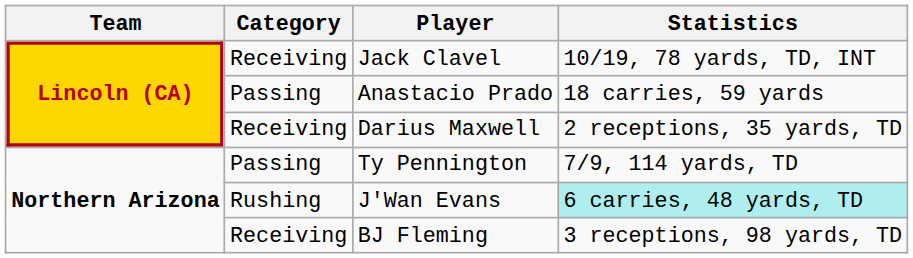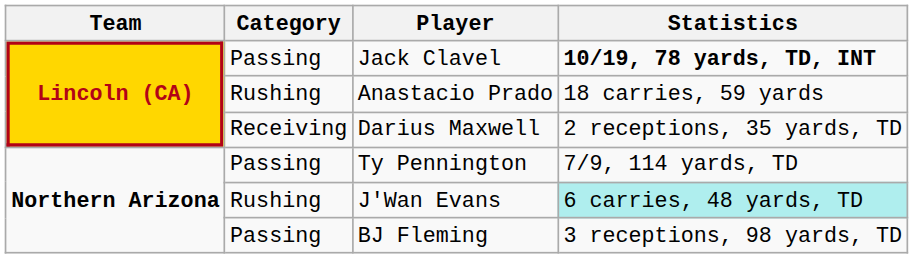 <table class="wikitable" style="float: right;">
 <tr>
 <th>Team</th>
 <th>Category</th>
 <th>Player</th>
 <th>Statistics</th>
 </tr>
 <tr>
 <td rowspan=3 style="background-color:gold;color:#B20317;box-shadow: inset 2px 2px 0 #B20317, inset -2px -2px 0 #B20317; text-align:center;"><strong>Lincoln (CA)</strong></td>
-<td>Receiving</td>
+<td>Passing</td>
 <td>Jack Clavel</td>
-<td>10/19, 78 yards, TD, INT</td>
+<td><strong>10/19, 78 yards, TD, INT</strong></td>
 </tr>
 <tr>
-<td>Passing</td>
+<td>Rushing</td>
 <td>Anastacio Prado</td>
 <td>18 carries, 59 yards</td>
 </tr>
 <tr>
 <td>Receiving</td>
 <td>Darius Maxwell</td>
 <td>2 receptions, 35 yards, TD</td>
 </tr>
 <tr>
 <td rowspan=3><strong>Northern Arizona</strong></td>
 <td>Passing</td>
 <td>Ty Pennington</td>
 <td>7/9, 114 yards, TD</td>
 </tr>
 <tr>
 <td>Rushing</td>
 <td>J'Wan Evans</td>
 <td style="background: paleturquoise;">6 carries, 48 yards, TD</td>
 </tr>
 <tr>
-<td>Receiving</td>
+<td>Passing</td>
 <td>BJ Fleming</td>
 <td>3 receptions, 98 yards, TD</td>
 </tr>
 </table>
